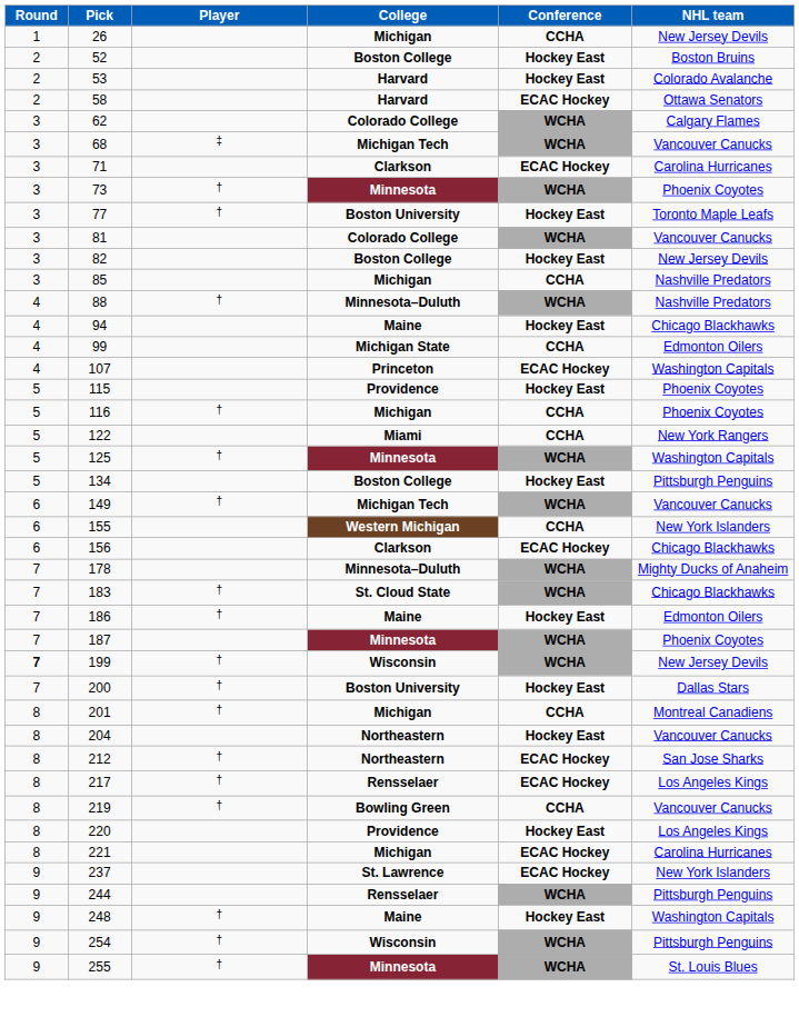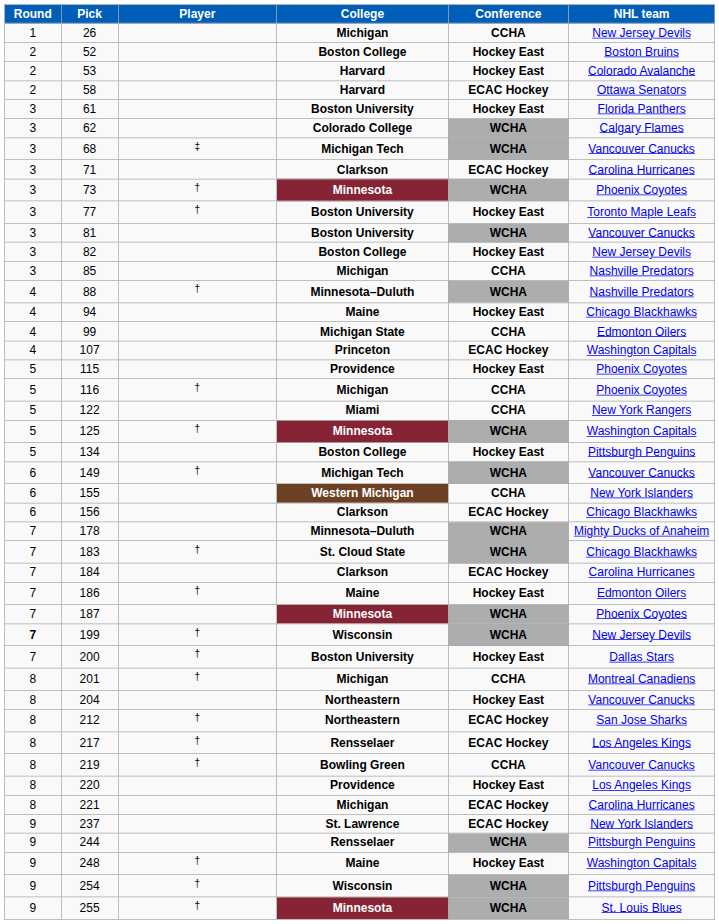 <table class="wikitable sortable" width="75%">
 <tr>
 <th style="color:white; background-color:#005EB8; width: 4em;">Round</th>
 <th style="color:white; background-color:#005EB8; width: 4em;">Pick</th>
 <th style="color:white; background-color:#005EB8; width: 12em;">Player</th>
 <th style="color:white; background-color:#005EB8; width: 13em;">College</th>
 <th style="color:white; background-color:#005EB8; width: 9em;">Conference</th>
 <th style="color:white; background-color:#005EB8; width: 11em;">NHL team</th>
 </tr>
 <tr align="center" bgcolor="">
 <td>1</td>
 <td>26</td>
 <td></td>
 <td><strong>Michigan</strong></td>
 <td><strong>CCHA</strong></td>
 <td><a href='#'>New Jersey Devils</a></td>
 </tr>
 <tr align="center" bgcolor="">
 <td>2</td>
 <td>52</td>
 <td></td>
 <td><strong>Boston College</strong></td>
 <td><strong>Hockey East</strong></td>
 <td><a href='#'>Boston Bruins</a></td>
 </tr>
 <tr align="center" bgcolor="">
 <td>2</td>
 <td>53</td>
 <td></td>
 <td><strong>Harvard</strong></td>
 <td><strong>Hockey East</strong></td>
 <td><a href='#'>Colorado Avalanche</a></td>
 </tr>
 <tr align="center" bgcolor="">
 <td>2</td>
 <td>58</td>
 <td></td>
 <td><strong>Harvard</strong></td>
 <td><strong>ECAC Hockey</strong></td>
 <td><a href='#'>Ottawa Senators</a></td>
+</tr>
+<tr align="center" bgcolor="">
+<td>3</td>
+<td>61</td>
+<td></td>
+<td><strong>Boston University</strong></td>
+<td><strong>Hockey East</strong></td>
+<td><a href='#'>Florida Panthers</a></td>
 </tr>
 <tr align="center" bgcolor="">
 <td>3</td>
 <td>62</td>
 <td></td>
 <td><strong>Colorado College</strong></td>
 <td style="color:black; background:#ADADAD; "><strong>WCHA</strong></td>
 <td><a href='#'>Calgary Flames</a></td>
 </tr>
 <tr align="center" bgcolor="">
 <td>3</td>
 <td>68</td>
 <td> <sup>‡</sup></td>
 <td><strong>Michigan Tech</strong></td>
 <td style="color:black; background:#ADADAD; "><strong>WCHA</strong></td>
 <td><a href='#'>Vancouver Canucks</a></td>
 </tr>
 <tr align="center" bgcolor="">
 <td>3</td>
 <td>71</td>
 <td></td>
 <td><strong>Clarkson</strong></td>
 <td><strong>ECAC Hockey</strong></td>
 <td><a href='#'>Carolina Hurricanes</a></td>
 </tr>
 <tr align="center" bgcolor="">
 <td>3</td>
 <td>73</td>
 <td> <sup>†</sup></td>
 <td style="color:white; background:#862334; "><strong>Minnesota</strong></td>
 <td style="color:black; background:#ADADAD; "><strong>WCHA</strong></td>
 <td><a href='#'>Phoenix Coyotes</a></td>
 </tr>
 <tr align="center" bgcolor="">
 <td>3</td>
 <td>77</td>
 <td> <sup>†</sup></td>
 <td><strong>Boston University</strong></td>
 <td><strong>Hockey East</strong></td>
 <td><a href='#'>Toronto Maple Leafs</a></td>
 </tr>
 <tr align="center" bgcolor="">
 <td>3</td>
 <td>81</td>
 <td></td>
-<td><strong>Colorado College</strong></td>
+<td><strong>Boston University</strong></td>
 <td style="color:black; background:#ADADAD; "><strong>WCHA</strong></td>
 <td><a href='#'>Vancouver Canucks</a></td>
 </tr>
 <tr align="center" bgcolor="">
 <td>3</td>
 <td>82</td>
 <td></td>
 <td><strong>Boston College</strong></td>
 <td><strong>Hockey East</strong></td>
 <td><a href='#'>New Jersey Devils</a></td>
 </tr>
 <tr align="center" bgcolor="">
 <td>3</td>
 <td>85</td>
 <td></td>
 <td><strong>Michigan</strong></td>
 <td><strong>CCHA</strong></td>
 <td><a href='#'>Nashville Predators</a></td>
 </tr>
 <tr align="center" bgcolor="">
 <td>4</td>
 <td>88</td>
 <td> <sup>†</sup></td>
 <td><strong>Minnesota–Duluth</strong></td>
 <td style="color:black; background:#ADADAD; "><strong>WCHA</strong></td>
 <td><a href='#'>Nashville Predators</a></td>
 </tr>
 <tr align="center" bgcolor="">
 <td>4</td>
 <td>94</td>
 <td></td>
 <td><strong>Maine</strong></td>
 <td><strong>Hockey East</strong></td>
 <td><a href='#'>Chicago Blackhawks</a></td>
 </tr>
 <tr align="center" bgcolor="">
 <td>4</td>
 <td>99</td>
 <td></td>
 <td><strong>Michigan State</strong></td>
 <td><strong>CCHA</strong></td>
 <td><a href='#'>Edmonton Oilers</a></td>
 </tr>
 <tr align="center" bgcolor="">
 <td>4</td>
 <td>107</td>
 <td></td>
 <td><strong>Princeton</strong></td>
 <td><strong>ECAC Hockey</strong></td>
 <td><a href='#'>Washington Capitals</a></td>
 </tr>
 <tr align="center" bgcolor="">
 <td>5</td>
 <td>115</td>
 <td></td>
 <td><strong>Providence</strong></td>
 <td><strong>Hockey East</strong></td>
 <td><a href='#'>Phoenix Coyotes</a></td>
 </tr>
 <tr align="center" bgcolor="">
 <td>5</td>
 <td>116</td>
 <td> <sup>†</sup></td>
 <td><strong>Michigan</strong></td>
 <td><strong>CCHA</strong></td>
 <td><a href='#'>Phoenix Coyotes</a></td>
 </tr>
 <tr align="center" bgcolor="">
 <td>5</td>
 <td>122</td>
 <td></td>
 <td><strong>Miami</strong></td>
 <td><strong>CCHA</strong></td>
 <td><a href='#'>New York Rangers</a></td>
 </tr>
 <tr align="center" bgcolor="">
 <td>5</td>
 <td>125</td>
 <td> <sup>†</sup></td>
 <td style="color:white; background:#862334; "><strong>Minnesota</strong></td>
 <td style="color:black; background:#ADADAD; "><strong>WCHA</strong></td>
 <td><a href='#'>Washington Capitals</a></td>
 </tr>
 <tr align="center" bgcolor="">
 <td>5</td>
 <td>134</td>
 <td></td>
 <td><strong>Boston College</strong></td>
 <td><strong>Hockey East</strong></td>
 <td><a href='#'>Pittsburgh Penguins</a></td>
 </tr>
 <tr align="center" bgcolor="">
 <td>6</td>
 <td>149</td>
 <td> <sup>†</sup></td>
 <td><strong>Michigan Tech</strong></td>
 <td style="color:black; background:#ADADAD; "><strong>WCHA</strong></td>
 <td><a href='#'>Vancouver Canucks</a></td>
 </tr>
 <tr align="center" bgcolor="">
 <td>6</td>
 <td>155</td>
 <td></td>
 <td style="color:white; background:#6C4023; "><strong>Western Michigan</strong></td>
 <td><strong>CCHA</strong></td>
 <td><a href='#'>New York Islanders</a></td>
 </tr>
 <tr align="center" bgcolor="">
 <td>6</td>
 <td>156</td>
 <td></td>
 <td><strong>Clarkson</strong></td>
 <td><strong>ECAC Hockey</strong></td>
 <td><a href='#'>Chicago Blackhawks</a></td>
 </tr>
 <tr align="center" bgcolor="">
 <td>7</td>
 <td>178</td>
 <td></td>
 <td><strong>Minnesota–Duluth</strong></td>
 <td style="color:black; background:#ADADAD; "><strong>WCHA</strong></td>
 <td><a href='#'>Mighty Ducks of Anaheim</a></td>
 </tr>
 <tr align="center" bgcolor="">
 <td>7</td>
 <td>183</td>
 <td> <sup>†</sup></td>
 <td><strong>St. Cloud State</strong></td>
 <td style="color:black; background:#ADADAD; "><strong>WCHA</strong></td>
 <td><a href='#'>Chicago Blackhawks</a></td>
 </tr>
 <tr align="center" bgcolor="">
 <td>7</td>
+<td>184</td>
+<td></td>
+<td><strong>Clarkson</strong></td>
+<td><strong>ECAC Hockey</strong></td>
+<td><a href='#'>Carolina Hurricanes</a></td>
+</tr>
+<tr align="center" bgcolor="">
+<td>7</td>
 <td>186</td>
 <td> <sup>†</sup></td>
 <td><strong>Maine</strong></td>
 <td><strong>Hockey East</strong></td>
 <td><a href='#'>Edmonton Oilers</a></td>
 </tr>
 <tr align="center" bgcolor="">
 <td>7</td>
 <td>187</td>
 <td></td>
 <td style="color:white; background:#862334; "><strong>Minnesota</strong></td>
 <td style="color:black; background:#ADADAD; "><strong>WCHA</strong></td>
 <td><a href='#'>Phoenix Coyotes</a></td>
 </tr>
 <tr align="center" bgcolor="">
 <td><strong>7</strong></td>
 <td>199</td>
 <td> <sup>†</sup></td>
 <td><strong>Wisconsin</strong></td>
 <td style="color:black; background:#ADADAD; "><strong>WCHA</strong></td>
 <td><a href='#'>New Jersey Devils</a></td>
 </tr>
 <tr align="center" bgcolor="">
 <td>7</td>
 <td>200</td>
 <td> <sup>†</sup></td>
 <td><strong>Boston University</strong></td>
 <td><strong>Hockey East</strong></td>
 <td><a href='#'>Dallas Stars</a></td>
 </tr>
 <tr align="center" bgcolor="">
 <td>8</td>
 <td>201</td>
 <td> <sup>†</sup></td>
 <td><strong>Michigan</strong></td>
 <td><strong>CCHA</strong></td>
 <td><a href='#'>Montreal Canadiens</a></td>
 </tr>
 <tr align="center" bgcolor="">
 <td>8</td>
 <td>204</td>
 <td></td>
 <td><strong>Northeastern</strong></td>
 <td><strong>Hockey East</strong></td>
 <td><a href='#'>Vancouver Canucks</a></td>
 </tr>
 <tr align="center" bgcolor="">
 <td>8</td>
 <td>212</td>
 <td> <sup>†</sup></td>
 <td><strong>Northeastern</strong></td>
 <td><strong>ECAC Hockey</strong></td>
 <td><a href='#'>San Jose Sharks</a></td>
 </tr>
 <tr align="center" bgcolor="">
 <td>8</td>
 <td>217</td>
 <td> <sup>†</sup></td>
 <td><strong>Rensselaer</strong></td>
 <td><strong>ECAC Hockey</strong></td>
 <td><a href='#'>Los Angeles Kings</a></td>
 </tr>
 <tr align="center" bgcolor="">
 <td>8</td>
 <td>219</td>
 <td> <sup>†</sup></td>
 <td><strong>Bowling Green</strong></td>
 <td><strong>CCHA</strong></td>
 <td><a href='#'>Vancouver Canucks</a></td>
 </tr>
 <tr align="center" bgcolor="">
 <td>8</td>
 <td>220</td>
 <td></td>
 <td><strong>Providence</strong></td>
 <td><strong>Hockey East</strong></td>
 <td><a href='#'>Los Angeles Kings</a></td>
 </tr>
 <tr align="center" bgcolor="">
 <td>8</td>
 <td>221</td>
 <td></td>
 <td><strong>Michigan</strong></td>
 <td><strong>ECAC Hockey</strong></td>
 <td><a href='#'>Carolina Hurricanes</a></td>
 </tr>
 <tr align="center" bgcolor="">
 <td>9</td>
 <td>237</td>
 <td></td>
 <td><strong>St. Lawrence</strong></td>
 <td><strong>ECAC Hockey</strong></td>
 <td><a href='#'>New York Islanders</a></td>
 </tr>
 <tr align="center" bgcolor="">
 <td>9</td>
 <td>244</td>
 <td></td>
 <td><strong>Rensselaer</strong></td>
 <td style="color:black; background:#ADADAD; "><strong>WCHA</strong></td>
 <td><a href='#'>Pittsburgh Penguins</a></td>
 </tr>
 <tr align="center" bgcolor="">
 <td>9</td>
 <td>248</td>
 <td> <sup>†</sup></td>
 <td><strong>Maine</strong></td>
 <td><strong>Hockey East</strong></td>
 <td><a href='#'>Washington Capitals</a></td>
 </tr>
 <tr align="center" bgcolor="">
 <td>9</td>
 <td>254</td>
 <td> <sup>†</sup></td>
 <td><strong>Wisconsin</strong></td>
 <td style="color:black; background:#ADADAD; "><strong>WCHA</strong></td>
 <td><a href='#'>Pittsburgh Penguins</a></td>
 </tr>
 <tr align="center" bgcolor="">
 <td>9</td>
 <td>255</td>
 <td> <sup>†</sup></td>
 <td style="color:white; background:#862334; "><strong>Minnesota</strong></td>
 <td style="color:black; background:#ADADAD; "><strong>WCHA</strong></td>
 <td><a href='#'>St. Louis Blues</a></td>
 </tr>
 </table>
